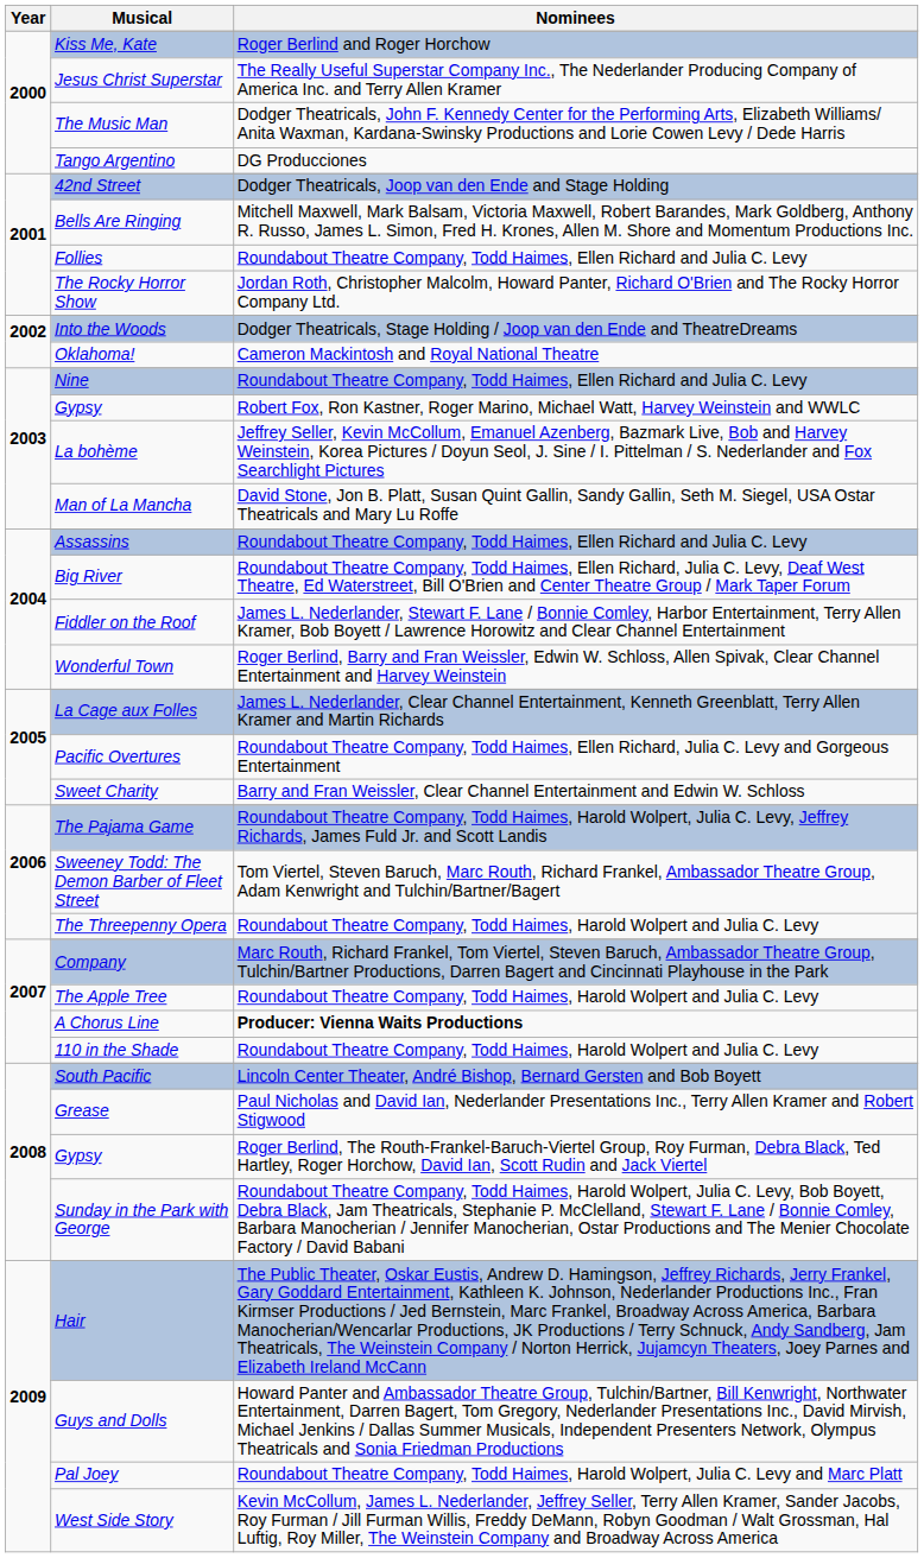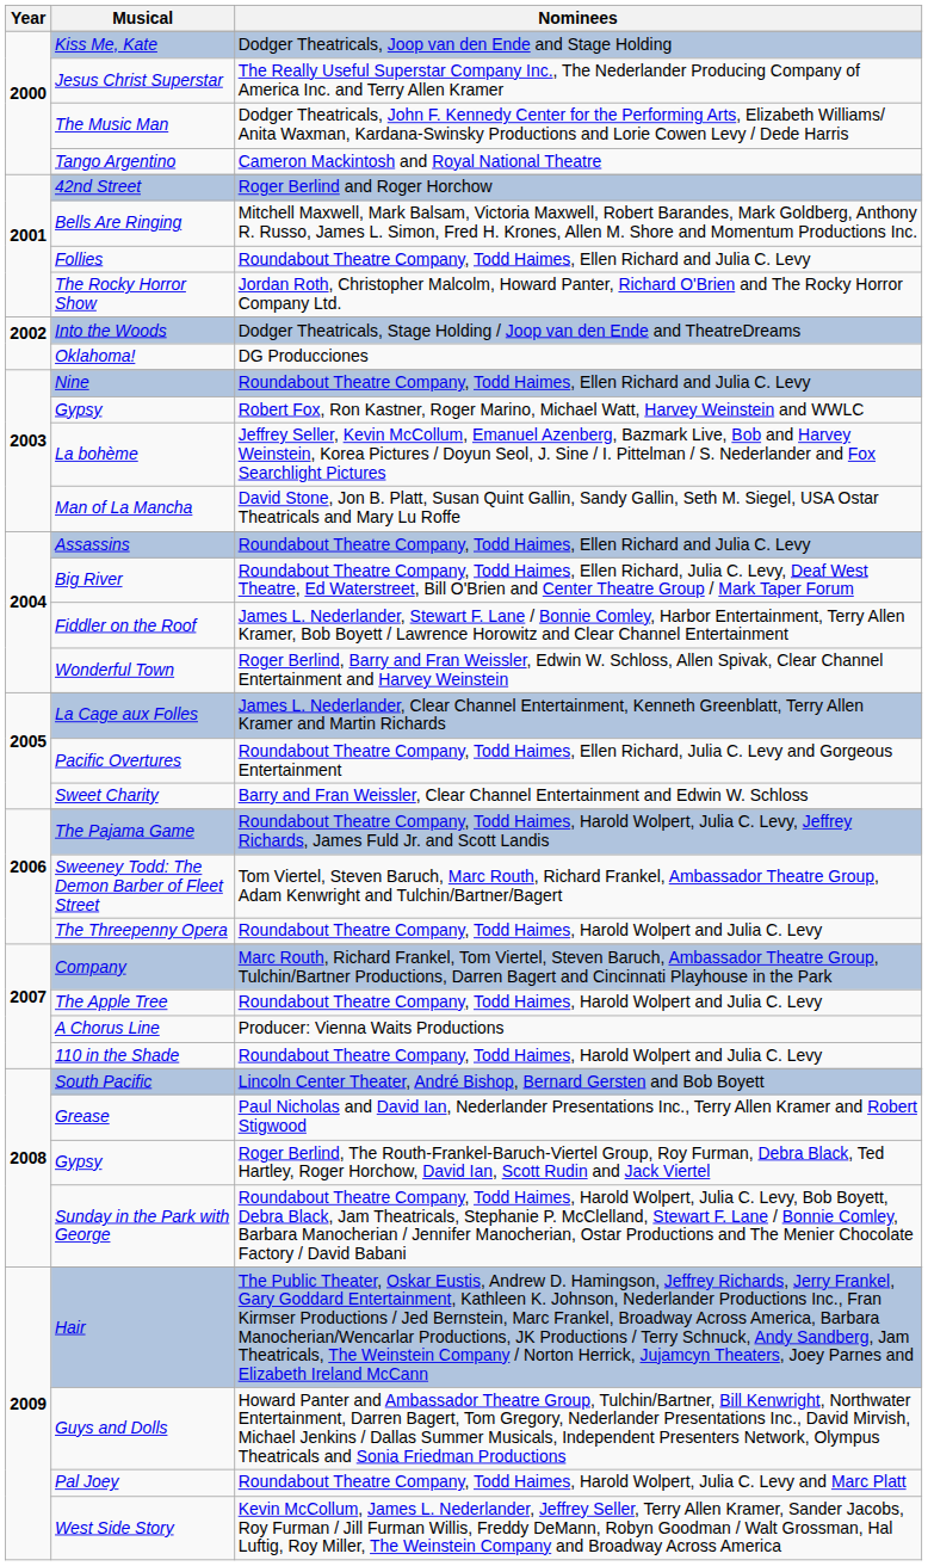 <table class="wikitable" style="width:100%;">
 <tr style="background:#bebebe;">
 <th style="width:5%;">Year</th>
 <th style="width:20%;">Musical</th>
 <th style="width:75%;">Nominees</th>
 </tr>
 <tr>
 <td rowspan="5" align="center"><strong>2000</strong><br><br></td>
 </tr>
 <tr style="background:#B0C4DE">
 <td><em><a href='#'>Kiss Me, Kate</a></em></td>
-<td><a href='#'>Roger Berlind</a> and Roger Horchow</td>
+<td>Dodger Theatricals, <a href='#'>Joop van den Ende</a> and Stage Holding</td>
 </tr>
 <tr>
 <td><em><a href='#'>Jesus Christ Superstar</a></em></td>
 <td><a href='#'>The Really Useful Superstar Company Inc.</a>, The Nederlander Producing Company of America Inc. and Terry Allen Kramer</td>
 </tr>
 <tr>
 <td><em><a href='#'>The Music Man</a></em></td>
 <td>Dodger Theatricals, <a href='#'>John F. Kennedy Center for the Performing Arts</a>, Elizabeth Williams/ Anita Waxman, Kardana-Swinsky Productions and Lorie Cowen Levy / Dede Harris</td>
 </tr>
 <tr>
 <td><em><a href='#'>Tango Argentino</a></em></td>
-<td>DG Producciones</td>
+<td><a href='#'>Cameron Mackintosh</a> and <a href='#'>Royal National Theatre</a></td>
 </tr>
 <tr>
 <td rowspan="5" align="center"><strong>2001</strong><br><br></td>
 </tr>
 <tr style="background:#B0C4DE">
 <td><em><a href='#'>42nd Street</a></em></td>
-<td>Dodger Theatricals, <a href='#'>Joop van den Ende</a> and Stage Holding</td>
+<td><a href='#'>Roger Berlind</a> and Roger Horchow</td>
 </tr>
 <tr>
 <td><em><a href='#'>Bells Are Ringing</a></em></td>
 <td>Mitchell Maxwell, Mark Balsam, Victoria Maxwell, Robert Barandes, Mark Goldberg, Anthony R. Russo, James L. Simon, Fred H. Krones, Allen M. Shore and Momentum Productions Inc.</td>
 </tr>
 <tr>
 <td><em><a href='#'>Follies</a></em></td>
 <td><a href='#'>Roundabout Theatre Company</a>, <a href='#'>Todd Haimes</a>, Ellen Richard and Julia C. Levy</td>
 </tr>
 <tr>
 <td><em><a href='#'>The Rocky Horror Show</a></em></td>
 <td><a href='#'>Jordan Roth</a>, Christopher Malcolm, Howard Panter, <a href='#'>Richard O'Brien</a> and The Rocky Horror Company Ltd.</td>
 </tr>
 <tr>
 <td rowspan="3" align="center"><strong>2002</strong><br><br></td>
 </tr>
 <tr style="background:#B0C4DE">
 <td><em><a href='#'>Into the Woods</a></em></td>
 <td>Dodger Theatricals, Stage Holding / <a href='#'>Joop van den Ende</a> and TheatreDreams</td>
 </tr>
 <tr>
 <td><em><a href='#'>Oklahoma!</a></em></td>
-<td><a href='#'>Cameron Mackintosh</a> and <a href='#'>Royal National Theatre</a></td>
+<td>DG Producciones</td>
 </tr>
 <tr>
 <td rowspan="5" align="center"><strong>2003</strong><br><br></td>
 </tr>
 <tr style="background:#B0C4DE">
 <td><em><a href='#'>Nine</a></em></td>
 <td><a href='#'>Roundabout Theatre Company</a>, <a href='#'>Todd Haimes</a>, Ellen Richard and Julia C. Levy</td>
 </tr>
 <tr>
 <td><em><a href='#'>Gypsy</a></em></td>
 <td><a href='#'>Robert Fox</a>, Ron Kastner, Roger Marino, Michael Watt, <a href='#'>Harvey Weinstein</a> and WWLC</td>
 </tr>
 <tr>
 <td><em><a href='#'>La bohème</a></em></td>
 <td><a href='#'>Jeffrey Seller</a>, <a href='#'>Kevin McCollum</a>, <a href='#'>Emanuel Azenberg</a>, Bazmark Live, <a href='#'>Bob</a> and <a href='#'>Harvey Weinstein</a>, Korea Pictures / Doyun Seol, J. Sine / I. Pittelman / S. Nederlander and <a href='#'>Fox Searchlight Pictures</a></td>
 </tr>
 <tr>
 <td><em><a href='#'>Man of La Mancha</a></em></td>
 <td><a href='#'>David Stone</a>, Jon B. Platt, Susan Quint Gallin, Sandy Gallin, Seth M. Siegel, USA Ostar Theatricals and Mary Lu Roffe</td>
 </tr>
 <tr>
 <td rowspan="5" align="center"><strong>2004</strong><br><br></td>
 </tr>
 <tr style="background:#B0C4DE">
 <td><em><a href='#'>Assassins</a></em></td>
 <td><a href='#'>Roundabout Theatre Company</a>, <a href='#'>Todd Haimes</a>, Ellen Richard and Julia C. Levy</td>
 </tr>
 <tr>
 <td><em><a href='#'>Big River</a></em></td>
 <td><a href='#'>Roundabout Theatre Company</a>, <a href='#'>Todd Haimes</a>, Ellen Richard, Julia C. Levy, <a href='#'>Deaf West Theatre</a>, <a href='#'>Ed Waterstreet</a>, Bill O'Brien and <a href='#'>Center Theatre Group</a> / <a href='#'>Mark Taper Forum</a></td>
 </tr>
 <tr>
 <td><em><a href='#'>Fiddler on the Roof</a></em></td>
 <td><a href='#'>James L. Nederlander</a>, <a href='#'>Stewart F. Lane</a> / <a href='#'>Bonnie Comley</a>, Harbor Entertainment, Terry Allen Kramer, Bob Boyett / Lawrence Horowitz and Clear Channel Entertainment</td>
 </tr>
 <tr>
 <td><em><a href='#'>Wonderful Town</a></em></td>
 <td><a href='#'>Roger Berlind</a>, <a href='#'>Barry and Fran Weissler</a>, Edwin W. Schloss, Allen Spivak, Clear Channel Entertainment and <a href='#'>Harvey Weinstein</a></td>
 </tr>
 <tr>
 <td rowspan="4" align="center"><strong>2005</strong><br><br></td>
 </tr>
 <tr style="background:#B0C4DE">
 <td><em><a href='#'>La Cage aux Folles</a></em></td>
 <td><a href='#'>James L. Nederlander</a>, Clear Channel Entertainment, Kenneth Greenblatt, Terry Allen Kramer and Martin Richards</td>
 </tr>
 <tr>
 <td><em><a href='#'>Pacific Overtures</a></em></td>
 <td><a href='#'>Roundabout Theatre Company</a>, <a href='#'>Todd Haimes</a>, Ellen Richard, Julia C. Levy and Gorgeous Entertainment</td>
 </tr>
 <tr>
 <td><em><a href='#'>Sweet Charity</a></em></td>
 <td><a href='#'>Barry and Fran Weissler</a>, Clear Channel Entertainment and Edwin W. Schloss</td>
 </tr>
 <tr>
 <td rowspan="4" align="center"><strong>2006</strong><br><br></td>
 </tr>
 <tr style="background:#B0C4DE">
 <td><em><a href='#'>The Pajama Game</a></em></td>
 <td><a href='#'>Roundabout Theatre Company</a>, <a href='#'>Todd Haimes</a>, Harold Wolpert, Julia C. Levy, <a href='#'>Jeffrey Richards</a>, James Fuld Jr. and Scott Landis</td>
 </tr>
 <tr>
 <td><em><a href='#'>Sweeney Todd: The Demon Barber of Fleet Street</a></em></td>
 <td>Tom Viertel, Steven Baruch, <a href='#'>Marc Routh</a>, Richard Frankel, <a href='#'>Ambassador Theatre Group</a>, Adam Kenwright and Tulchin/Bartner/Bagert</td>
 </tr>
 <tr>
 <td><em><a href='#'>The Threepenny Opera</a></em></td>
 <td><a href='#'>Roundabout Theatre Company</a>, <a href='#'>Todd Haimes</a>, Harold Wolpert and Julia C. Levy</td>
 </tr>
 <tr>
 <td rowspan="5" align="center"><strong>2007</strong><br><br></td>
 </tr>
 <tr style="background:#B0C4DE">
 <td><em><a href='#'>Company</a></em></td>
 <td><a href='#'>Marc Routh</a>, Richard Frankel, Tom Viertel, Steven Baruch, <a href='#'>Ambassador Theatre Group</a>, Tulchin/Bartner Productions, Darren Bagert and Cincinnati Playhouse in the Park</td>
 </tr>
 <tr>
 <td><em><a href='#'>The Apple Tree</a></em></td>
 <td><a href='#'>Roundabout Theatre Company</a>, <a href='#'>Todd Haimes</a>, Harold Wolpert and Julia C. Levy</td>
 </tr>
 <tr>
 <td><em><a href='#'>A Chorus Line</a></em></td>
-<td><strong>Producer: Vienna Waits Productions</strong></td>
+<td>Producer: Vienna Waits Productions</td>
 </tr>
 <tr>
 <td><em><a href='#'>110 in the Shade</a></em></td>
 <td><a href='#'>Roundabout Theatre Company</a>, <a href='#'>Todd Haimes</a>, Harold Wolpert and Julia C. Levy</td>
 </tr>
 <tr>
 <td rowspan="5" align="center"><strong>2008</strong><br><br></td>
 </tr>
 <tr style="background:#B0C4DE">
 <td><em><a href='#'>South Pacific</a></em></td>
 <td><a href='#'>Lincoln Center Theater</a>, <a href='#'>André Bishop</a>, <a href='#'>Bernard Gersten</a> and Bob Boyett</td>
 </tr>
 <tr>
 <td><em><a href='#'>Grease</a></em></td>
 <td><a href='#'>Paul Nicholas</a> and <a href='#'>David Ian</a>, Nederlander Presentations Inc., Terry Allen Kramer and <a href='#'>Robert Stigwood</a></td>
 </tr>
 <tr>
 <td><em><a href='#'>Gypsy</a></em></td>
 <td><a href='#'>Roger Berlind</a>, The Routh-Frankel-Baruch-Viertel Group, Roy Furman, <a href='#'>Debra Black</a>, Ted Hartley, Roger Horchow, <a href='#'>David Ian</a>, <a href='#'>Scott Rudin</a> and <a href='#'>Jack Viertel</a></td>
 </tr>
 <tr>
 <td><em><a href='#'>Sunday in the Park with George</a></em></td>
 <td><a href='#'>Roundabout Theatre Company</a>, <a href='#'>Todd Haimes</a>, Harold Wolpert, Julia C. Levy, Bob Boyett, <a href='#'>Debra Black</a>, Jam Theatricals, Stephanie P. McClelland, <a href='#'>Stewart F. Lane</a> / <a href='#'>Bonnie Comley</a>, Barbara Manocherian / Jennifer Manocherian, Ostar Productions and The Menier Chocolate Factory / David Babani</td>
 </tr>
 <tr>
 <td rowspan="5" align="center"><strong>2009</strong><br><br></td>
 </tr>
 <tr style="background:#B0C4DE">
 <td><em><a href='#'>Hair</a></em></td>
 <td><a href='#'>The Public Theater</a>, <a href='#'>Oskar Eustis</a>, Andrew D. Hamingson, <a href='#'>Jeffrey Richards</a>, <a href='#'>Jerry Frankel</a>, <a href='#'>Gary Goddard Entertainment</a>, Kathleen K. Johnson, Nederlander Productions Inc., Fran Kirmser Productions / Jed Bernstein, Marc Frankel, Broadway Across America, Barbara Manocherian/Wencarlar Productions, JK Productions / Terry Schnuck, <a href='#'>Andy Sandberg</a>, Jam Theatricals, <a href='#'>The Weinstein Company</a> / Norton Herrick, <a href='#'>Jujamcyn Theaters</a>, Joey Parnes and <a href='#'>Elizabeth Ireland McCann</a></td>
 </tr>
 <tr>
 <td><em><a href='#'>Guys and Dolls</a></em></td>
 <td>Howard Panter and <a href='#'>Ambassador Theatre Group</a>, Tulchin/Bartner, <a href='#'>Bill Kenwright</a>, Northwater Entertainment, Darren Bagert, Tom Gregory, Nederlander Presentations Inc., David Mirvish, Michael Jenkins / Dallas Summer Musicals, Independent Presenters Network, Olympus Theatricals and <a href='#'>Sonia Friedman Productions</a></td>
 </tr>
 <tr>
 <td><em><a href='#'>Pal Joey</a></em></td>
 <td><a href='#'>Roundabout Theatre Company</a>, <a href='#'>Todd Haimes</a>, Harold Wolpert, Julia C. Levy and <a href='#'>Marc Platt</a></td>
 </tr>
 <tr>
 <td><em><a href='#'>West Side Story</a></em></td>
 <td><a href='#'>Kevin McCollum</a>, <a href='#'>James L. Nederlander</a>, <a href='#'>Jeffrey Seller</a>, Terry Allen Kramer, Sander Jacobs, Roy Furman / Jill Furman Willis, Freddy DeMann, Robyn Goodman / Walt Grossman, Hal Luftig, Roy Miller, <a href='#'>The Weinstein Company</a> and Broadway Across America</td>
 </tr>
 </table>
